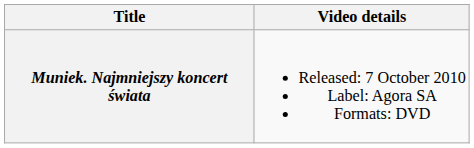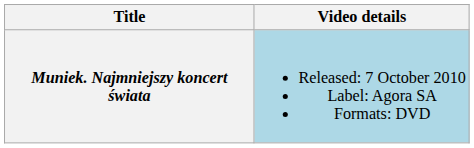 <table class="wikitable plainrowheaders" style="text-align:center;">
 <tr>
 <th scope="col" style="width:15em;">Title</th>
 <th scope="col">Video details</th>
 </tr>
 <tr>
 <th scope="row"><em>Muniek. Najmniejszy koncert świata</em></th>
-<td><br><ul><li>Released: 7 October 2010</li><li>Label: Agora SA</li><li>Formats: DVD</li></ul></td>
+<td style="background: lightblue;"><br><ul><li>Released: 7 October 2010</li><li>Label: Agora SA</li><li>Formats: DVD</li></ul></td>
 </tr>
 </table>
